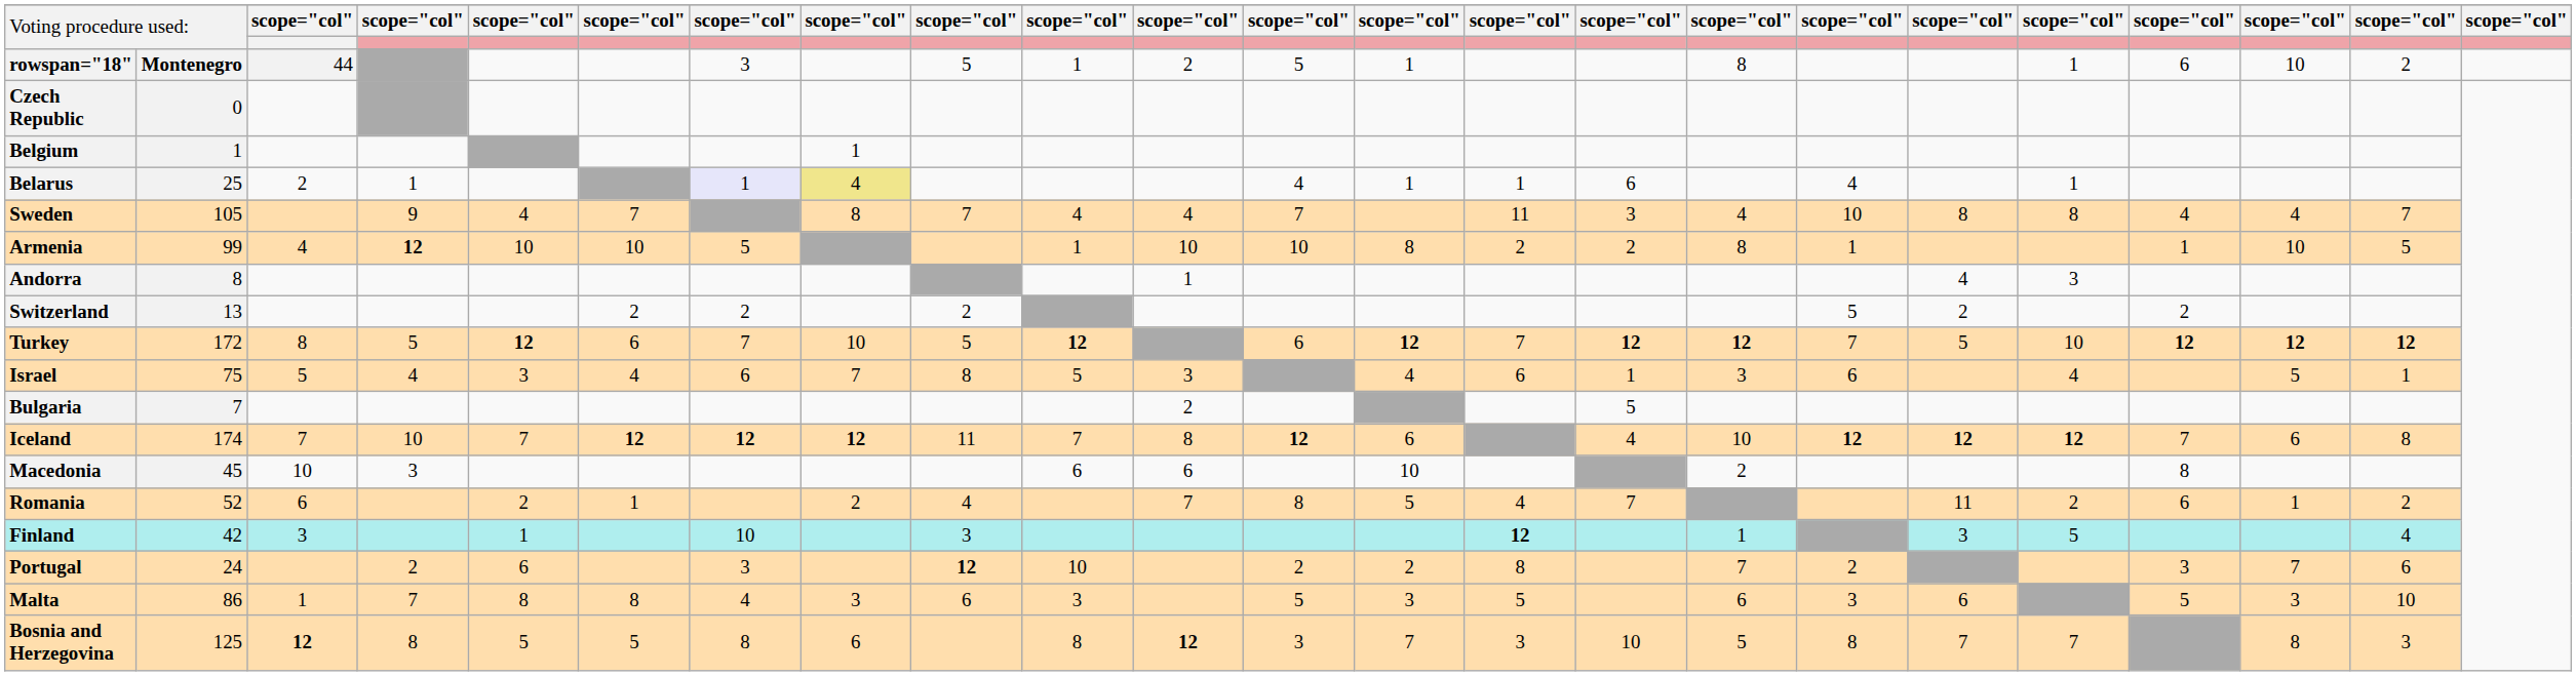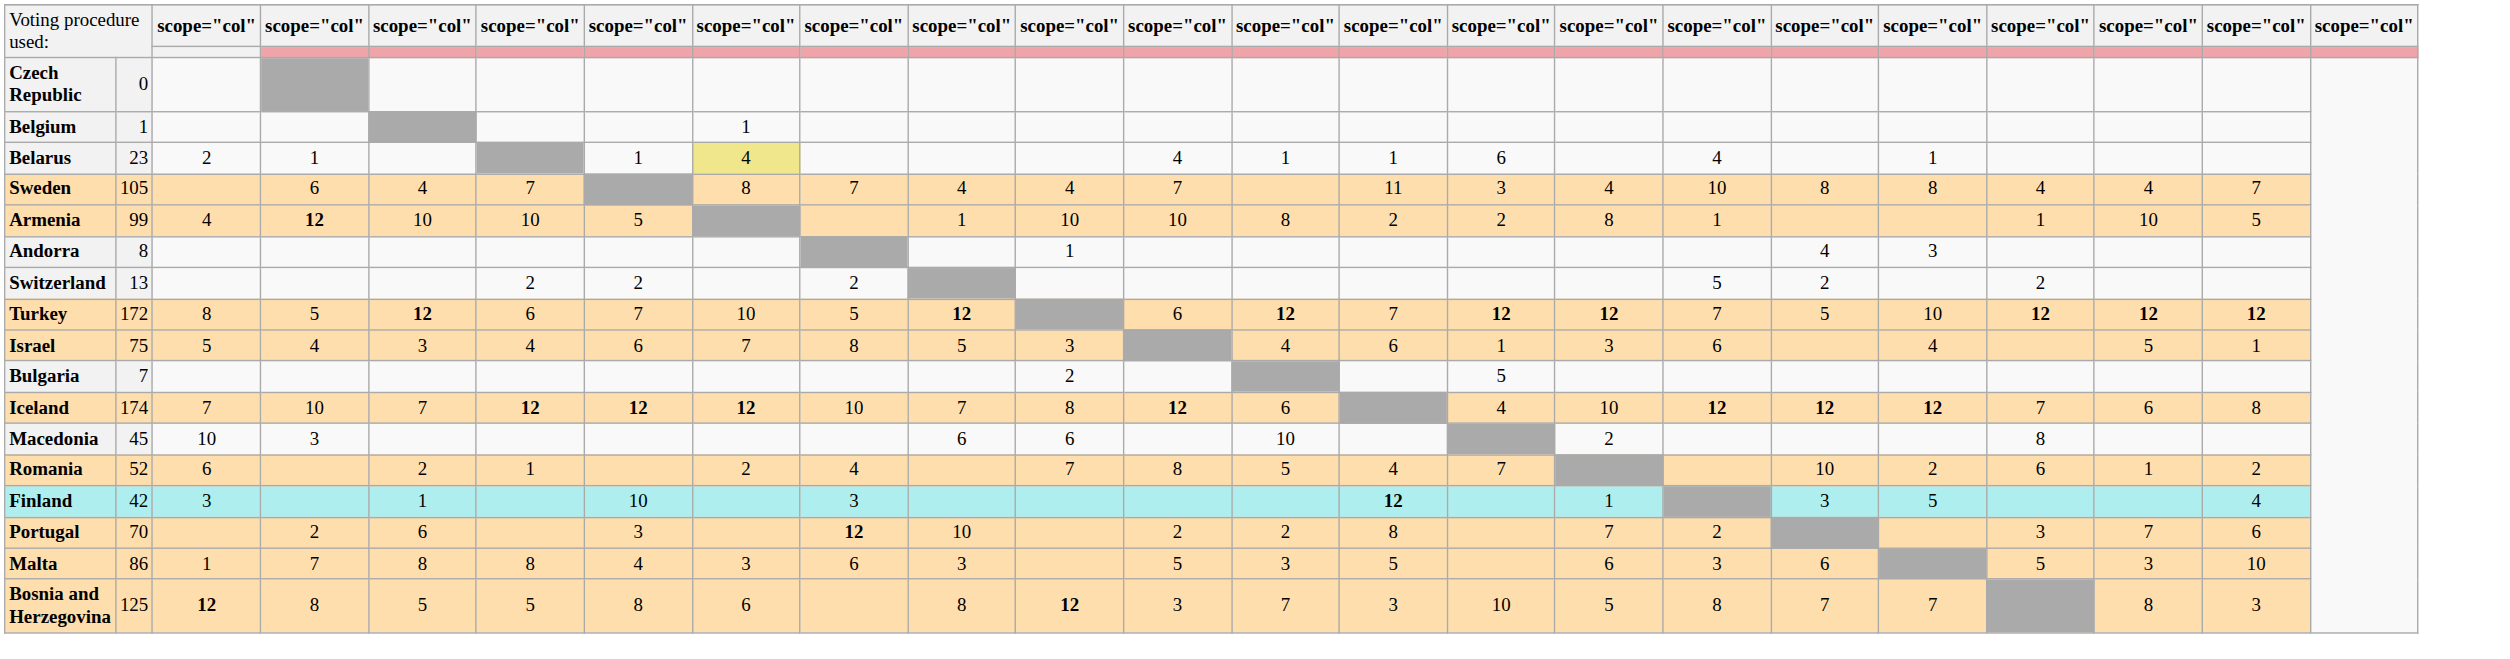 <table class="wikitable plainrowheaders" style="text-align:center; font-size:85%;">
 <tr>
 </tr>
 <tr>
 <td colspan="2" rowspan="2" style="text-align:left; background:#F2F2F2">Voting procedure used:<br></td>
 <th>scope="col" </th>
 <th>scope="col" </th>
 <th>scope="col" </th>
 <th>scope="col" </th>
 <th>scope="col" </th>
 <th>scope="col" </th>
 <th>scope="col" </th>
 <th>scope="col" </th>
 <th>scope="col" </th>
 <th>scope="col" </th>
 <th>scope="col" </th>
 <th>scope="col" </th>
 <th>scope="col" </th>
 <th>scope="col" </th>
 <th>scope="col" </th>
 <th>scope="col" </th>
 <th>scope="col" </th>
 <th>scope="col" </th>
 <th>scope="col" </th>
 <th>scope="col" </th>
 <th>scope="col" </th>
 </tr>
 <tr>
 <th style="height:2px; border-top:1px solid transparent;"></th>
 <td style="background:#EFA4A9;"></td>
 <td style="background:#EFA4A9;"></td>
 <td style="background:#EFA4A9;"></td>
 <td style="background:#EFA4A9;"></td>
 <td style="background:#EFA4A9;"></td>
 <td style="background:#EFA4A9;"></td>
 <td style="background:#EFA4A9;"></td>
 <td style="background:#EFA4A9;"></td>
 <td style="background:#EFA4A9;"></td>
 <td style="background:#EFA4A9;"></td>
 <td style="background:#EFA4A9;"></td>
 <td style="background:#EFA4A9;"></td>
 <td style="background:#EFA4A9;"></td>
 <td style="background:#EFA4A9;"></td>
 <td style="background:#EFA4A9;"></td>
 <td style="background:#EFA4A9;"></td>
 <td style="background:#EFA4A9;"></td>
 <td style="background:#EFA4A9;"></td>
 <td style="background:#EFA4A9;"></td>
 <td style="background:#EFA4A9;"></td>
 </tr>
 <tr>
-<th>rowspan="18" </th>
-<th scope="row" style="text-align:left; background:#f2f2f2;">Montenegro</th>
-<td style="text-align:right; background:#f2f2f2;">44</td>
-<td style="text-align:left; background:#aaa;"></td>
-<td></td>
-<td></td>
-<td>3</td>
-<td></td>
-<td>5</td>
-<td>1</td>
-<td>2</td>
-<td>5</td>
-<td>1</td>
-<td></td>
-<td></td>
-<td>8</td>
-<td></td>
-<td></td>
-<td>1</td>
-<td>6</td>
-<td>10</td>
-<td>2</td>
-<td></td>
-</tr>
-<tr>
 <th scope="row" style="text-align:left; background:#f2f2f2;">Czech Republic</th>
 <td style="text-align:right; background:#f2f2f2;">0</td>
 <td></td>
 <td style="text-align:left; background:#aaa;"></td>
 <td></td>
 <td></td>
 <td></td>
 <td></td>
 <td></td>
 <td></td>
 <td></td>
 <td></td>
 <td></td>
 <td></td>
 <td></td>
 <td></td>
 <td></td>
 <td></td>
 <td></td>
 <td></td>
 <td></td>
 <td></td>
 </tr>
 <tr>
 <th scope="row" style="text-align:left; background:#f2f2f2;">Belgium</th>
 <td style="text-align:right; background:#f2f2f2;">1</td>
 <td></td>
 <td></td>
 <td style="text-align:left; background:#aaa;"></td>
 <td></td>
 <td></td>
 <td>1</td>
 <td></td>
 <td></td>
 <td></td>
 <td></td>
 <td></td>
 <td></td>
 <td></td>
 <td></td>
 <td></td>
 <td></td>
 <td></td>
 <td></td>
 <td></td>
 <td></td>
 </tr>
 <tr>
 <th scope="row" style="text-align:left; background:#f2f2f2;">Belarus</th>
-<td style="text-align:right; background:#f2f2f2;">25</td>
+<td style="text-align:right; background:#f2f2f2;">23</td>
 <td>2</td>
 <td>1</td>
 <td></td>
 <td style="text-align:left; background:#aaa;"></td>
-<td style="background: lavender;">1</td>
+<td>1</td>
 <td style="background: khaki;">4</td>
 <td></td>
 <td></td>
 <td></td>
 <td>4</td>
 <td>1</td>
 <td>1</td>
 <td>6</td>
 <td></td>
 <td>4</td>
 <td></td>
 <td>1</td>
 <td></td>
 <td></td>
 <td></td>
 </tr>
 <tr style="background:#ffdead;">
 <th scope="row" style="text-align:left; font-weight:bold; background:#ffdead;">Sweden</th>
 <td style="text-align:right;">105</td>
 <td></td>
-<td>9</td>
+<td>6</td>
 <td>4</td>
 <td>7</td>
 <td style="text-align:left; background:#aaa;"></td>
 <td>8</td>
 <td>7</td>
 <td>4</td>
 <td>4</td>
 <td>7</td>
 <td></td>
 <td>11</td>
 <td>3</td>
 <td>4</td>
 <td>10</td>
 <td>8</td>
 <td>8</td>
 <td>4</td>
 <td>4</td>
 <td>7</td>
 </tr>
 <tr style="background:#ffdead;">
 <th scope="row" style="text-align:left; font-weight:bold; background:#ffdead;">Armenia</th>
 <td style="text-align:right;">99</td>
 <td>4</td>
 <td><strong>12</strong></td>
 <td>10</td>
 <td>10</td>
 <td>5</td>
 <td style="text-align:left; background:#aaa;"></td>
 <td></td>
 <td>1</td>
 <td>10</td>
 <td>10</td>
 <td>8</td>
 <td>2</td>
 <td>2</td>
 <td>8</td>
 <td>1</td>
 <td></td>
 <td></td>
 <td>1</td>
 <td>10</td>
 <td>5</td>
 </tr>
 <tr>
 <th scope="row" style="text-align:left; background:#f2f2f2;">Andorra</th>
 <td style="text-align:right; background:#f2f2f2;">8</td>
 <td></td>
 <td></td>
 <td></td>
 <td></td>
 <td></td>
 <td></td>
 <td style="text-align:left; background:#aaa;"></td>
 <td></td>
 <td>1</td>
 <td></td>
 <td></td>
 <td></td>
 <td></td>
 <td></td>
 <td></td>
 <td>4</td>
 <td>3</td>
 <td></td>
 <td></td>
 <td></td>
 </tr>
 <tr>
 <th scope="row" style="text-align:left; background:#f2f2f2;">Switzerland</th>
 <td style="text-align:right; background:#f2f2f2;">13</td>
 <td></td>
 <td></td>
 <td></td>
 <td>2</td>
 <td>2</td>
 <td></td>
 <td>2</td>
 <td style="text-align:left; background:#aaa;"></td>
 <td></td>
 <td></td>
 <td></td>
 <td></td>
 <td></td>
 <td></td>
 <td>5</td>
 <td>2</td>
 <td></td>
 <td>2</td>
 <td></td>
 <td></td>
 </tr>
 <tr style="background:#ffdead;">
 <th scope="row" style="text-align:left; font-weight:bold; background:#ffdead;">Turkey</th>
 <td style="text-align:right;">172</td>
 <td>8</td>
 <td>5</td>
 <td><strong>12</strong></td>
 <td>6</td>
 <td>7</td>
 <td>10</td>
 <td>5</td>
 <td><strong>12</strong></td>
 <td style="text-align:left; background:#aaa;"></td>
 <td>6</td>
 <td><strong>12</strong></td>
 <td>7</td>
 <td><strong>12</strong></td>
 <td><strong>12</strong></td>
 <td>7</td>
 <td>5</td>
 <td>10</td>
 <td><strong>12</strong></td>
 <td><strong>12</strong></td>
 <td><strong>12</strong></td>
 </tr>
 <tr style="background:#ffdead;">
 <th scope="row" style="text-align:left; font-weight:bold; background:#ffdead;">Israel</th>
 <td style="text-align:right;">75</td>
 <td>5</td>
 <td>4</td>
 <td>3</td>
 <td>4</td>
 <td>6</td>
 <td>7</td>
 <td>8</td>
 <td>5</td>
 <td>3</td>
 <td style="text-align:left; background:#aaa;"></td>
 <td>4</td>
 <td>6</td>
 <td>1</td>
 <td>3</td>
 <td>6</td>
 <td></td>
 <td>4</td>
 <td></td>
 <td>5</td>
 <td>1</td>
 </tr>
 <tr>
 <th scope="row" style="text-align:left; background:#f2f2f2;">Bulgaria</th>
 <td style="text-align:right; background:#f2f2f2;">7</td>
 <td></td>
 <td></td>
 <td></td>
 <td></td>
 <td></td>
 <td></td>
 <td></td>
 <td></td>
 <td>2</td>
 <td></td>
 <td style="text-align:left; background:#aaa;"></td>
 <td></td>
 <td>5</td>
 <td></td>
 <td></td>
 <td></td>
 <td></td>
 <td></td>
 <td></td>
 <td></td>
 </tr>
 <tr style="background:#ffdead;">
 <th scope="row" style="text-align:left; font-weight:bold; background:#ffdead;">Iceland</th>
 <td style="text-align:right;">174</td>
 <td>7</td>
 <td>10</td>
 <td>7</td>
 <td><strong>12</strong></td>
 <td><strong>12</strong></td>
 <td><strong>12</strong></td>
-<td>11</td>
+<td>10</td>
 <td>7</td>
 <td>8</td>
 <td><strong>12</strong></td>
 <td>6</td>
 <td style="text-align:left; background:#aaa;"></td>
 <td>4</td>
 <td>10</td>
 <td><strong>12</strong></td>
 <td><strong>12</strong></td>
 <td><strong>12</strong></td>
 <td>7</td>
 <td>6</td>
 <td>8</td>
 </tr>
 <tr>
 <th scope="row" style="text-align:left; background:#f2f2f2;">Macedonia</th>
 <td style="text-align:right; background:#f2f2f2;">45</td>
 <td>10</td>
 <td>3</td>
 <td></td>
 <td></td>
 <td></td>
 <td></td>
 <td></td>
 <td>6</td>
 <td>6</td>
 <td></td>
 <td>10</td>
 <td></td>
 <td style="text-align:left; background:#aaa;"></td>
 <td>2</td>
 <td></td>
 <td></td>
 <td></td>
 <td>8</td>
 <td></td>
 <td></td>
 </tr>
 <tr style="background:#ffdead;">
 <th scope="row" style="text-align:left; font-weight:bold; background:#ffdead;">Romania</th>
 <td style="text-align:right;">52</td>
 <td>6</td>
 <td></td>
 <td>2</td>
 <td>1</td>
 <td></td>
 <td>2</td>
 <td>4</td>
 <td></td>
 <td>7</td>
 <td>8</td>
 <td>5</td>
 <td>4</td>
 <td>7</td>
 <td style="text-align:left; background:#aaa;"></td>
 <td></td>
-<td>11</td>
+<td>10</td>
 <td>2</td>
 <td>6</td>
 <td>1</td>
 <td>2</td>
 </tr>
 <tr style="background:paleturquoise;">
 <th scope="row" style="text-align:left; font-weight:bold; background:paleturquoise;">Finland </th>
 <td style="text-align:right;">42</td>
 <td>3</td>
 <td></td>
 <td>1</td>
 <td></td>
 <td>10</td>
 <td></td>
 <td>3</td>
 <td></td>
 <td></td>
 <td></td>
 <td></td>
 <td><strong>12</strong></td>
 <td></td>
 <td>1</td>
 <td style="text-align:left; background:#aaa;"></td>
 <td>3</td>
 <td>5</td>
 <td></td>
 <td></td>
 <td>4</td>
 </tr>
 <tr style="background:#ffdead;">
 <th scope="row" style="text-align:left; font-weight:bold; background:#ffdead;">Portugal</th>
-<td style="text-align:right;">24</td>
+<td style="text-align:right;">70</td>
 <td></td>
 <td>2</td>
 <td>6</td>
 <td></td>
 <td>3</td>
 <td></td>
 <td><strong>12</strong></td>
 <td>10</td>
 <td></td>
 <td>2</td>
 <td>2</td>
 <td>8</td>
 <td></td>
 <td>7</td>
 <td>2</td>
 <td style="text-align:left; background:#aaa;"></td>
 <td></td>
 <td>3</td>
 <td>7</td>
 <td>6</td>
 </tr>
 <tr style="background:#ffdead;">
 <th scope="row" style="text-align:left; font-weight:bold; background:#ffdead;">Malta</th>
 <td style="text-align:right;">86</td>
 <td>1</td>
 <td>7</td>
 <td>8</td>
 <td>8</td>
 <td>4</td>
 <td>3</td>
 <td>6</td>
 <td>3</td>
 <td></td>
 <td>5</td>
 <td>3</td>
 <td>5</td>
 <td></td>
 <td>6</td>
 <td>3</td>
 <td>6</td>
 <td style="text-align:left; background:#aaa;"></td>
 <td>5</td>
 <td>3</td>
 <td>10</td>
 </tr>
 <tr style="background:#ffdead;">
 <th scope="row" style="text-align:left; font-weight:bold; background:#ffdead;">Bosnia and Herzegovina</th>
 <td style="text-align:right;">125</td>
 <td><strong>12</strong></td>
 <td>8</td>
 <td>5</td>
 <td>5</td>
 <td>8</td>
 <td>6</td>
 <td></td>
 <td>8</td>
 <td><strong>12</strong></td>
 <td>3</td>
 <td>7</td>
 <td>3</td>
 <td>10</td>
 <td>5</td>
 <td>8</td>
 <td>7</td>
 <td>7</td>
 <td style="text-align:left; background:#aaa;"></td>
 <td>8</td>
 <td>3</td>
 </tr>
 </table>
